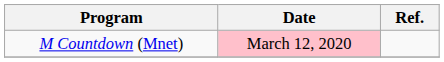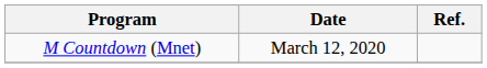 <table class="wikitable" style="text-align:center;">
 <tr>
 <th style="width:200px;">Program</th>
 <th style="width:150px;">Date</th>
 <th style="width:50px;">Ref.</th>
 </tr>
 <tr>
 <td rowspan="1"><em><a href='#'>M Countdown</a></em> (<a href='#'>Mnet</a>)</td>
-<td style="background: pink;">March 12, 2020</td>
+<td>March 12, 2020</td>
 <td></td>
 </tr>
 <tr>
 </tr>
 </table>
